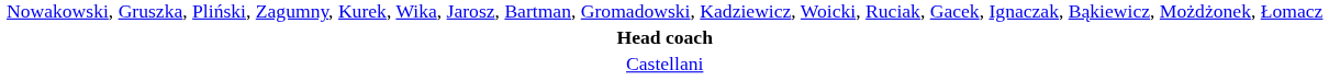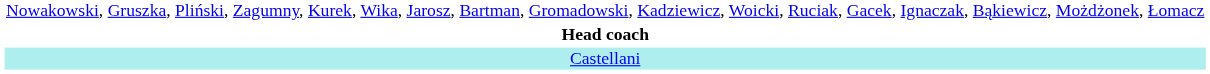 <table style="text-align: center; margin-top: 2em; margin-left: auto; margin-right: auto">
 <tr>
 <td><a href='#'>Nowakowski</a>, <a href='#'>Gruszka</a>, <a href='#'>Pliński</a>, <a href='#'>Zagumny</a>, <a href='#'>Kurek</a>, <a href='#'>Wika</a>, <a href='#'>Jarosz</a>, <a href='#'>Bartman</a>, <a href='#'>Gromadowski</a>, <a href='#'>Kadziewicz</a>, <a href='#'>Woicki</a>, <a href='#'>Ruciak</a>, <a href='#'>Gacek</a>, <a href='#'>Ignaczak</a>, <a href='#'>Bąkiewicz</a>, <a href='#'>Możdżonek</a>, <a href='#'>Łomacz</a></td>
 </tr>
 <tr>
 <td><strong>Head coach</strong></td>
 </tr>
 <tr>
-<td><a href='#'>Castellani</a></td>
+<td style="background: paleturquoise;"><a href='#'>Castellani</a></td>
 </tr>
 </table>
